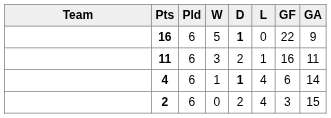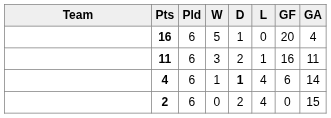 <table style=border-collapse:collapse border=1 cellspacing=0 cellpadding=5>
 <tr align=center bgcolor=#efefef>
 <th width=185>Team</th>
 <th width=20>Pts</th>
 <th width=20>Pld</th>
 <th width=20>W</th>
 <th width=20>D</th>
 <th width=20>L</th>
 <th width=20>GF</th>
 <th width=20>GA</th>
 </tr>
 <tr align=center>
 <td align=left><strong></strong></td>
 <td><strong>16</strong></td>
 <td>6</td>
 <td>5</td>
-<td><strong>1</strong></td>
+<td>1</td>
 <td>0</td>
-<td>22</td>
-<td>9</td>
+<td>20</td>
+<td>4</td>
 </tr>
 <tr align=center>
 <td align=left></td>
 <td><strong>11</strong></td>
 <td>6</td>
 <td>3</td>
 <td>2</td>
 <td>1</td>
 <td>16</td>
 <td>11</td>
 </tr>
 <tr align=center>
 <td align=left></td>
 <td><strong>4</strong></td>
 <td>6</td>
 <td>1</td>
 <td><strong>1</strong></td>
 <td>4</td>
 <td>6</td>
 <td>14</td>
 </tr>
 <tr align=center>
 <td align=left></td>
 <td><strong>2</strong></td>
 <td>6</td>
 <td>0</td>
 <td>2</td>
 <td>4</td>
-<td>3</td>
+<td>0</td>
 <td>15</td>
 </tr>
 </table>
